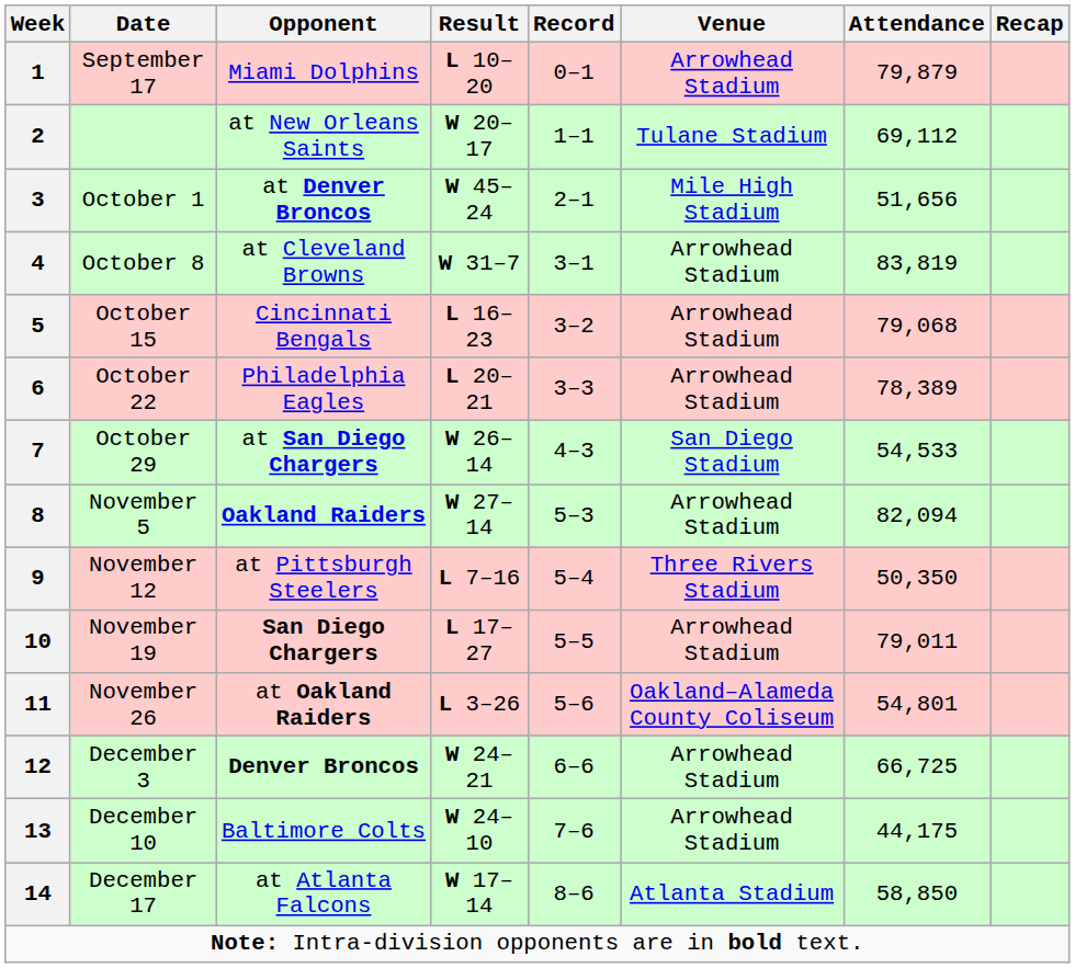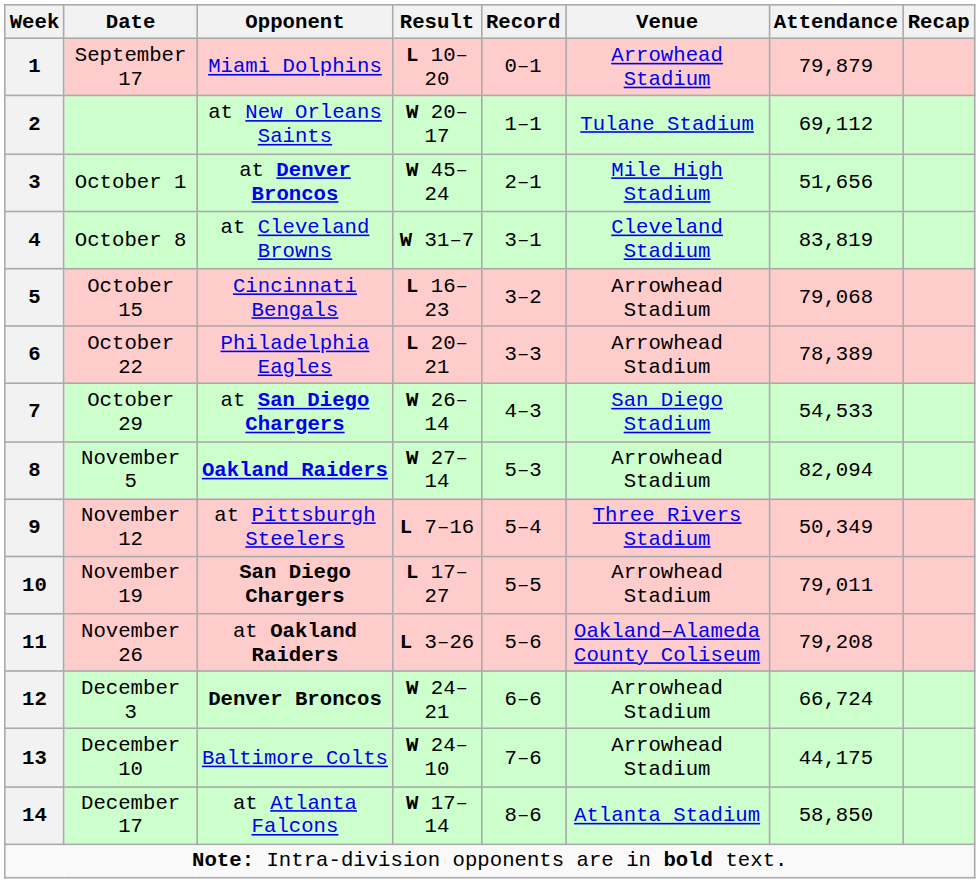 <table class="wikitable" style="text-align:center">
 <tr>
 <th>Week</th>
 <th>Date</th>
 <th>Opponent</th>
 <th>Result</th>
 <th>Record</th>
 <th>Venue</th>
 <th>Attendance</th>
 <th>Recap</th>
 </tr>
 <tr style="background:#fcc">
 <th>1</th>
 <td>September 17</td>
 <td><a href='#'>Miami Dolphins</a></td>
 <td><strong>L</strong> 10–20</td>
 <td>0–1</td>
 <td><a href='#'>Arrowhead Stadium</a></td>
 <td>79,879</td>
 <td></td>
 </tr>
 <tr style="background:#cfc">
 <th>2</th>
 <td></td>
 <td>at <a href='#'>New Orleans Saints</a></td>
 <td><strong>W</strong> 20–17</td>
 <td>1–1</td>
 <td><a href='#'>Tulane Stadium</a></td>
 <td>69,112</td>
 <td></td>
 </tr>
 <tr style="background:#cfc">
 <th>3</th>
 <td>October 1</td>
 <td>at <strong><a href='#'>Denver Broncos</a></strong></td>
 <td><strong>W</strong> 45–24</td>
 <td>2–1</td>
 <td><a href='#'>Mile High Stadium</a></td>
 <td>51,656</td>
 <td></td>
 </tr>
 <tr style="background:#cfc">
 <th>4</th>
 <td>October 8</td>
 <td>at <a href='#'>Cleveland Browns</a></td>
 <td><strong>W</strong> 31–7</td>
 <td>3–1</td>
-<td>Arrowhead Stadium</td>
+<td><a href='#'>Cleveland Stadium</a></td>
 <td>83,819</td>
 <td></td>
 </tr>
 <tr style="background:#fcc">
 <th>5</th>
 <td>October 15</td>
 <td><a href='#'>Cincinnati Bengals</a></td>
 <td><strong>L</strong> 16–23</td>
 <td>3–2</td>
 <td>Arrowhead Stadium</td>
 <td>79,068</td>
 <td></td>
 </tr>
 <tr style="background:#fcc">
 <th>6</th>
 <td>October 22</td>
 <td><a href='#'>Philadelphia Eagles</a></td>
 <td><strong>L</strong> 20–21</td>
 <td>3–3</td>
 <td>Arrowhead Stadium</td>
 <td>78,389</td>
 <td></td>
 </tr>
 <tr style="background:#cfc">
 <th>7</th>
 <td>October 29</td>
 <td>at <strong><a href='#'>San Diego Chargers</a></strong></td>
 <td><strong>W</strong> 26–14</td>
 <td>4–3</td>
 <td><a href='#'>San Diego Stadium</a></td>
 <td>54,533</td>
 <td></td>
 </tr>
 <tr style="background:#cfc">
 <th>8</th>
 <td>November 5</td>
 <td><strong><a href='#'>Oakland Raiders</a></strong></td>
 <td><strong>W</strong> 27–14</td>
 <td>5–3</td>
 <td>Arrowhead Stadium</td>
 <td>82,094</td>
 <td></td>
 </tr>
 <tr style="background:#fcc">
 <th>9</th>
 <td>November 12</td>
 <td>at <a href='#'>Pittsburgh Steelers</a></td>
 <td><strong>L</strong> 7–16</td>
 <td>5–4</td>
 <td><a href='#'>Three Rivers Stadium</a></td>
-<td>50,350</td>
+<td>50,349</td>
 <td></td>
 </tr>
 <tr style="background:#fcc">
 <th>10</th>
 <td>November 19</td>
 <td><strong>San Diego Chargers</strong></td>
 <td><strong>L</strong> 17–27</td>
 <td>5–5</td>
 <td>Arrowhead Stadium</td>
 <td>79,011</td>
 <td></td>
 </tr>
 <tr style="background:#fcc">
 <th>11</th>
 <td>November 26</td>
 <td>at <strong>Oakland Raiders</strong></td>
 <td><strong>L</strong> 3–26</td>
 <td>5–6</td>
 <td><a href='#'>Oakland–Alameda County Coliseum</a></td>
-<td>54,801</td>
+<td>79,208</td>
 <td></td>
 </tr>
 <tr style="background:#cfc">
 <th>12</th>
 <td>December 3</td>
 <td><strong>Denver Broncos</strong></td>
 <td><strong>W</strong> 24–21</td>
 <td>6–6</td>
 <td>Arrowhead Stadium</td>
-<td>66,725</td>
+<td>66,724</td>
 <td></td>
 </tr>
 <tr style="background:#cfc">
 <th>13</th>
 <td>December 10</td>
 <td><a href='#'>Baltimore Colts</a></td>
 <td><strong>W</strong> 24–10</td>
 <td>7–6</td>
 <td>Arrowhead Stadium</td>
 <td>44,175</td>
 <td></td>
 </tr>
 <tr style="background:#cfc">
 <th>14</th>
 <td>December 17</td>
 <td>at <a href='#'>Atlanta Falcons</a></td>
 <td><strong>W</strong> 17–14</td>
 <td>8–6</td>
 <td><a href='#'>Atlanta Stadium</a></td>
 <td>58,850</td>
 <td></td>
 </tr>
 <tr>
 <td colspan="8"><strong>Note:</strong> Intra-division opponents are in <strong>bold</strong> text.</td>
 </tr>
 </table>
